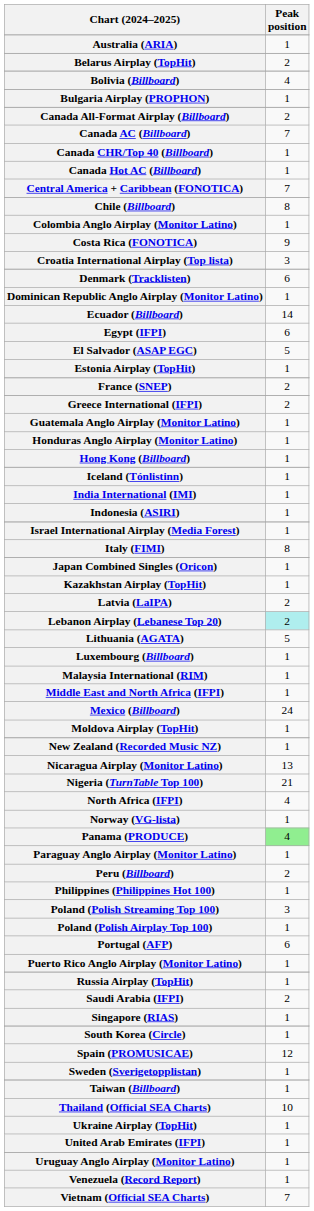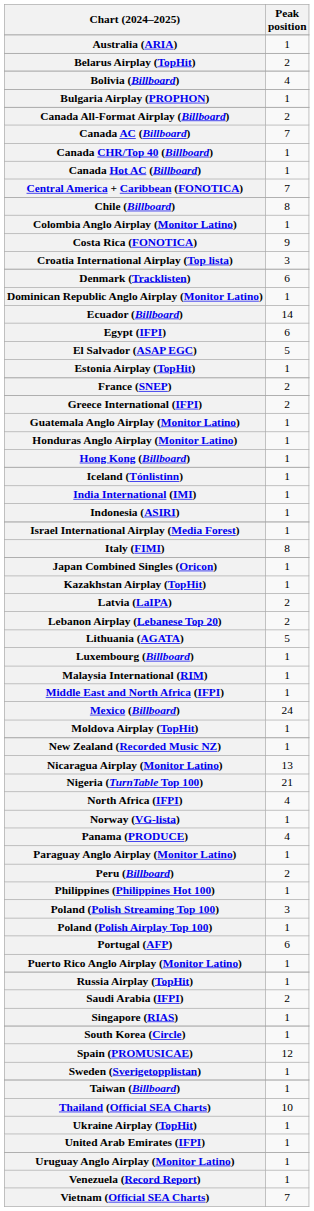 <table class="wikitable sortable plainrowheaders" style="text-align:center">
 <tr>
 <th scope="col">Chart (2024–2025)</th>
 <th scope="col">Peak<br>position</th>
 </tr>
 <tr>
 </tr>
 <tr>
 <th scope="row">Australia (<a href='#'>ARIA</a>)</th>
 <td>1</td>
 </tr>
 <tr>
 </tr>
 <tr>
 <th scope="row">Belarus Airplay (<a href='#'>TopHit</a>)</th>
 <td>2</td>
 </tr>
 <tr>
 </tr>
 <tr>
 </tr>
 <tr>
 <th scope="row">Bolivia (<em><a href='#'>Billboard</a></em>)</th>
 <td>4</td>
 </tr>
 <tr>
 </tr>
 <tr>
 <th scope="row">Bulgaria Airplay (<a href='#'>PROPHON</a>)</th>
 <td>1</td>
 </tr>
 <tr>
 </tr>
 <tr>
 <th scope="row">Canada All-Format Airplay (<em><a href='#'>Billboard</a></em>)</th>
 <td>2</td>
 </tr>
 <tr>
 <th scope="row">Canada <a href='#'>AC</a> (<em><a href='#'>Billboard</a></em>)</th>
 <td>7</td>
 </tr>
 <tr>
 <th scope="row">Canada <a href='#'>CHR/Top 40</a> (<em><a href='#'>Billboard</a></em>)</th>
 <td>1</td>
 </tr>
 <tr>
 <th scope="row">Canada <a href='#'>Hot AC</a> (<em><a href='#'>Billboard</a></em>)</th>
 <td>1</td>
 </tr>
 <tr>
 <th scope="row"><a href='#'>Central America</a> + <a href='#'>Caribbean</a> (<a href='#'>FONOTICA</a>)</th>
 <td>7</td>
 </tr>
 <tr>
 </tr>
 <tr>
 <th scope="row">Chile (<em><a href='#'>Billboard</a></em>)</th>
 <td>8</td>
 </tr>
 <tr>
 <th scope="row">Colombia Anglo Airplay (<a href='#'>Monitor Latino</a>)</th>
 <td>1</td>
 </tr>
 <tr>
 <th scope="row">Costa Rica (<a href='#'>FONOTICA</a>)</th>
 <td>9</td>
 </tr>
 <tr>
 <th scope="row">Croatia International Airplay (<a href='#'>Top lista</a>)</th>
 <td>3</td>
 </tr>
 <tr>
 </tr>
 <tr>
 </tr>
 <tr>
 <th scope="row">Denmark (<a href='#'>Tracklisten</a>)</th>
 <td>6</td>
 </tr>
 <tr>
 <th scope="row">Dominican Republic Anglo Airplay (<a href='#'>Monitor Latino</a>)</th>
 <td>1</td>
 </tr>
 <tr>
 <th scope="row">Ecuador (<em><a href='#'>Billboard</a></em>)</th>
 <td>14</td>
 </tr>
 <tr>
 <th scope="row">Egypt (<a href='#'>IFPI</a>)</th>
 <td>6</td>
 </tr>
 <tr>
 <th scope="row">El Salvador (<a href='#'>ASAP EGC</a>)</th>
 <td>5</td>
 </tr>
 <tr>
 <th scope="row">Estonia Airplay (<a href='#'>TopHit</a>)</th>
 <td>1</td>
 </tr>
 <tr>
 </tr>
 <tr>
 <th scope="row">France (<a href='#'>SNEP</a>)</th>
 <td>2</td>
 </tr>
 <tr>
 </tr>
 <tr>
 </tr>
 <tr>
 <th scope="row">Greece International (<a href='#'>IFPI</a>)</th>
 <td>2</td>
 </tr>
 <tr>
 <th scope="row">Guatemala Anglo Airplay (<a href='#'>Monitor Latino</a>)</th>
 <td>1</td>
 </tr>
 <tr>
 <th scope="row">Honduras Anglo Airplay (<a href='#'>Monitor Latino</a>)</th>
 <td>1</td>
 </tr>
 <tr>
 <th scope="row"><a href='#'>Hong Kong</a> (<em><a href='#'>Billboard</a></em>)</th>
 <td>1</td>
 </tr>
 <tr>
 </tr>
 <tr>
 <th scope="row">Iceland (<a href='#'>Tónlistinn</a>)</th>
 <td>1</td>
 </tr>
 <tr>
 <th scope="row"><a href='#'>India International</a> (<a href='#'>IMI</a>)</th>
 <td>1</td>
 </tr>
 <tr>
 <th scope="row">Indonesia (<a href='#'>ASIRI</a>)</th>
 <td>1</td>
 </tr>
 <tr>
 </tr>
 <tr>
 <th scope="row">Israel International Airplay (<a href='#'>Media Forest</a>)</th>
 <td>1</td>
 </tr>
 <tr>
 <th scope="row">Italy (<a href='#'>FIMI</a>)</th>
 <td>8</td>
 </tr>
 <tr>
 </tr>
 <tr>
 <th scope="row">Japan Combined Singles (<a href='#'>Oricon</a>)</th>
 <td>1</td>
 </tr>
 <tr>
 <th scope="row">Kazakhstan Airplay (<a href='#'>TopHit</a>)</th>
 <td>1</td>
 </tr>
 <tr>
 <th scope="row">Latvia (<a href='#'>LaIPA</a>)</th>
 <td>2</td>
 </tr>
 <tr>
 <th scope="row">Lebanon Airplay (<a href='#'>Lebanese Top 20</a>)</th>
-<td style="background: paleturquoise;">2</td>
+<td>2</td>
 </tr>
 <tr>
 <th scope="row">Lithuania (<a href='#'>AGATA</a>)</th>
 <td>5</td>
 </tr>
 <tr>
 <th scope="row">Luxembourg (<em><a href='#'>Billboard</a></em>)</th>
 <td>1</td>
 </tr>
 <tr>
 <th scope="row">Malaysia International (<a href='#'>RIM</a>)</th>
 <td>1</td>
 </tr>
 <tr>
 <th scope="row"><a href='#'>Middle East and North Africa</a> (<a href='#'>IFPI</a>)</th>
 <td>1</td>
 </tr>
 <tr>
 <th scope="row"><a href='#'>Mexico</a> (<a href='#'><em>Billboard</em></a>)</th>
 <td>24</td>
 </tr>
 <tr>
 <th scope="row">Moldova Airplay (<a href='#'>TopHit</a>)</th>
 <td>1</td>
 </tr>
 <tr>
 </tr>
 <tr>
 </tr>
 <tr>
 <th scope="row">New Zealand (<a href='#'>Recorded Music NZ</a>)</th>
 <td>1</td>
 </tr>
 <tr>
 <th scope="row">Nicaragua Airplay (<a href='#'>Monitor Latino</a>)</th>
 <td>13</td>
 </tr>
 <tr>
 <th scope="row">Nigeria (<a href='#'><em>TurnTable</em> Top 100</a>)</th>
 <td>21</td>
 </tr>
 <tr>
 <th scope="row">North Africa (<a href='#'>IFPI</a>)</th>
 <td>4</td>
 </tr>
 <tr>
 <th scope="row">Norway (<a href='#'>VG-lista</a>)</th>
 <td>1</td>
 </tr>
 <tr>
 <th scope="row">Panama (<a href='#'>PRODUCE</a>)</th>
-<td style="background: lightgreen;">4</td>
+<td>4</td>
 </tr>
 <tr>
 <th scope="row">Paraguay Anglo Airplay (<a href='#'>Monitor Latino</a>)</th>
 <td>1</td>
 </tr>
 <tr>
 <th scope="row">Peru (<em><a href='#'>Billboard</a></em>)</th>
 <td>2</td>
 </tr>
 <tr>
 <th scope="row">Philippines (<a href='#'>Philippines Hot 100</a>)</th>
 <td>1</td>
 </tr>
 <tr>
 <th scope="row">Poland (<a href='#'>Polish Streaming Top 100</a>)</th>
 <td>3</td>
 </tr>
 <tr>
 <th scope="row">Poland (<a href='#'>Polish Airplay Top 100</a>)</th>
 <td>1</td>
 </tr>
 <tr>
 <th scope="row">Portugal (<a href='#'>AFP</a>)</th>
 <td>6</td>
 </tr>
 <tr>
 <th scope="row">Puerto Rico Anglo Airplay (<a href='#'>Monitor Latino</a>)</th>
 <td>1</td>
 </tr>
 <tr>
 </tr>
 <tr>
 </tr>
 <tr>
 <th scope="row">Russia Airplay (<a href='#'>TopHit</a>)</th>
 <td>1</td>
 </tr>
 <tr>
 <th scope="row">Saudi Arabia (<a href='#'>IFPI</a>)</th>
 <td>2</td>
 </tr>
 <tr>
 <th scope="row">Singapore (<a href='#'>RIAS</a>)</th>
 <td>1</td>
 </tr>
 <tr>
 </tr>
 <tr>
 </tr>
 <tr>
 </tr>
 <tr>
 <th scope="row">South Korea (<a href='#'>Circle</a>)</th>
 <td>1</td>
 </tr>
 <tr>
 <th scope="row">Spain (<a href='#'>PROMUSICAE</a>)</th>
 <td>12</td>
 </tr>
 <tr>
 <th scope="row">Sweden (<a href='#'>Sverigetopplistan</a>)</th>
 <td>1</td>
 </tr>
 <tr>
 </tr>
 <tr>
 <th scope="row">Taiwan (<em><a href='#'>Billboard</a></em>)</th>
 <td>1</td>
 </tr>
 <tr>
 <th scope="row"><a href='#'>Thailand</a> (<a href='#'>Official SEA Charts</a>)</th>
 <td>10</td>
 </tr>
 <tr>
 <th scope="row">Ukraine Airplay (<a href='#'>TopHit</a>)</th>
 <td>1</td>
 </tr>
 <tr>
 <th scope="row">United Arab Emirates (<a href='#'>IFPI</a>)</th>
 <td>1</td>
 </tr>
 <tr>
 </tr>
 <tr>
 </tr>
 <tr>
 </tr>
 <tr>
 </tr>
 <tr>
 </tr>
 <tr>
 </tr>
 <tr>
 </tr>
 <tr>
 </tr>
 <tr>
 <th scope="row">Uruguay Anglo Airplay (<a href='#'>Monitor Latino</a>)</th>
 <td>1</td>
 </tr>
 <tr>
 <th scope="row">Venezuela (<a href='#'>Record Report</a>)</th>
 <td>1</td>
 </tr>
 <tr>
 <th scope="row">Vietnam (<a href='#'>Official SEA Charts</a>)</th>
 <td>7</td>
 </tr>
 </table>
